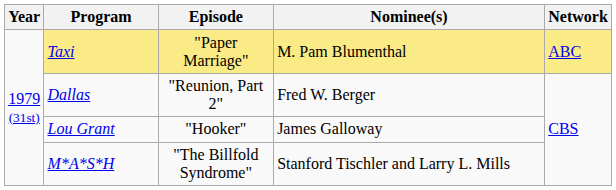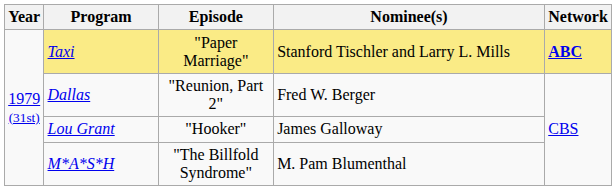 <table class="wikitable">
 <tr>
 <th width="5%">Year</th>
 <th width="20%">Program</th>
 <th width="20%">Episode</th>
 <th width="50%">Nominee(s)</th>
 <th width="5%">Network</th>
 </tr>
 <tr>
 <td rowspan=5 style="text-align:center;"><a href='#'>1979</a><br><small><a href='#'>(31st)</a></small><br></td>
 </tr>
 <tr style="background:#FAEB86;">
 <td><em><a href='#'>Taxi</a></em></td>
 <td align=center>"Paper Marriage"</td>
-<td>M. Pam Blumenthal</td>
-<td><a href='#'>ABC</a></td>
+<td>Stanford Tischler and Larry L. Mills</td>
+<td><strong><a href='#'>ABC</a></strong></td>
 </tr>
 <tr>
 <td><em><a href='#'>Dallas</a></em></td>
 <td align=center>"Reunion, Part 2"</td>
 <td>Fred W. Berger</td>
 <td rowspan=3><a href='#'>CBS</a></td>
 </tr>
 <tr>
 <td><em><a href='#'>Lou Grant</a></em></td>
 <td align=center>"Hooker"</td>
 <td>James Galloway</td>
 </tr>
 <tr>
 <td><em><a href='#'>M*A*S*H</a></em></td>
 <td align=center>"The Billfold Syndrome"</td>
-<td>Stanford Tischler and Larry L. Mills</td>
+<td>M. Pam Blumenthal</td>
 </tr>
 <tr>
 </tr>
 </table>
